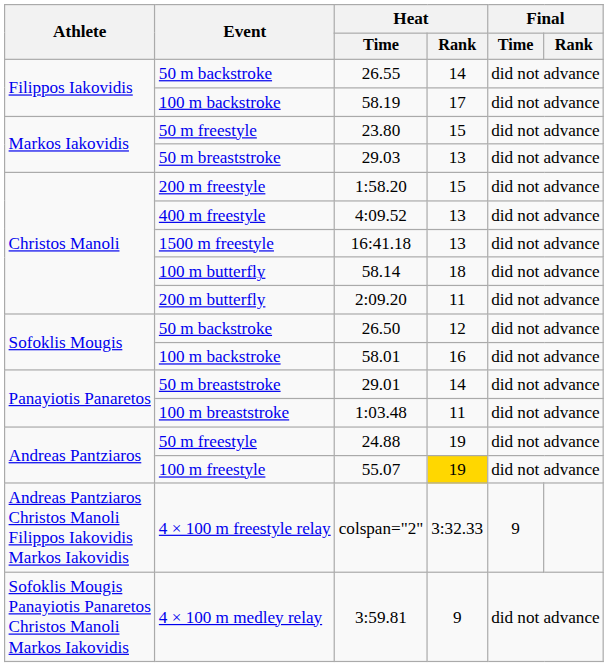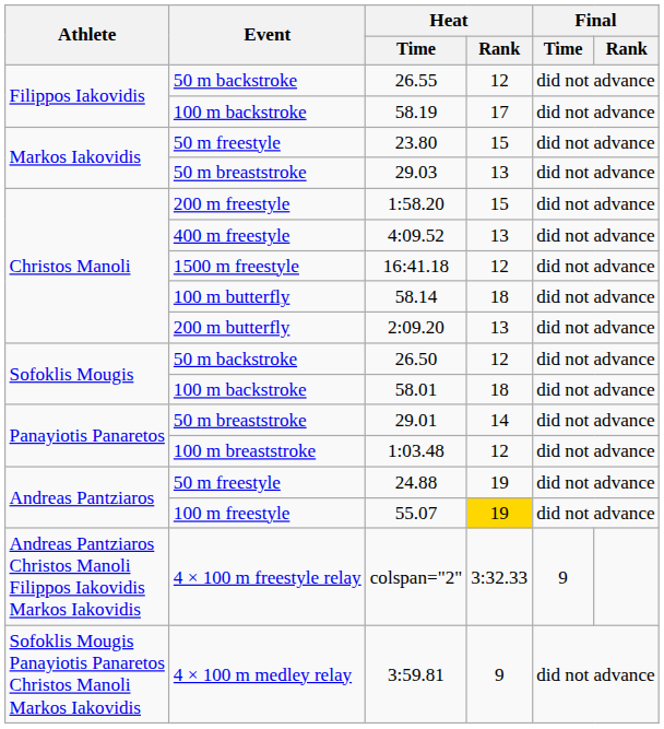 <table class=wikitable style="font-size:90%">
 <tr>
 <th rowspan="2">Athlete</th>
 <th rowspan="2">Event</th>
 <th colspan="2">Heat</th>
 <th colspan="2">Final</th>
 </tr>
 <tr style="font-size:95%">
 <th>Time</th>
 <th>Rank</th>
 <th>Time</th>
 <th>Rank</th>
 </tr>
 <tr align=center>
 <td align=left rowspan="2"><a href='#'>Filippos Iakovidis</a></td>
 <td align=left><a href='#'>50 m backstroke</a></td>
 <td>26.55</td>
-<td>14</td>
+<td>12</td>
 <td colspan="2">did not advance</td>
 </tr>
 <tr align=center>
 <td align=left><a href='#'>100 m backstroke</a></td>
 <td>58.19</td>
 <td>17</td>
 <td colspan="2">did not advance</td>
 </tr>
 <tr align=center>
 <td align=left rowspan="2"><a href='#'>Markos Iakovidis</a></td>
 <td align=left><a href='#'>50 m freestyle</a></td>
 <td>23.80</td>
 <td>15</td>
 <td colspan="2">did not advance</td>
 </tr>
 <tr align=center>
 <td align=left><a href='#'>50 m breaststroke</a></td>
 <td>29.03</td>
 <td>13</td>
 <td colspan="2">did not advance</td>
 </tr>
 <tr align=center>
 <td align=left rowspan="5"><a href='#'>Christos Manoli</a></td>
 <td align=left><a href='#'>200 m freestyle</a></td>
 <td>1:58.20</td>
 <td>15</td>
 <td colspan="2">did not advance</td>
 </tr>
 <tr align=center>
 <td align=left><a href='#'>400 m freestyle</a></td>
 <td>4:09.52</td>
 <td>13</td>
 <td colspan="2">did not advance</td>
 </tr>
 <tr align=center>
 <td align=left><a href='#'>1500 m freestyle</a></td>
 <td>16:41.18</td>
-<td>13</td>
+<td>12</td>
 <td colspan="2">did not advance</td>
 </tr>
 <tr align=center>
 <td align=left><a href='#'>100 m butterfly</a></td>
 <td>58.14</td>
 <td>18</td>
 <td colspan="2">did not advance</td>
 </tr>
 <tr align=center>
 <td align=left><a href='#'>200 m butterfly</a></td>
 <td>2:09.20</td>
-<td>11</td>
+<td>13</td>
 <td colspan="2">did not advance</td>
 </tr>
 <tr align=center>
 <td align=left rowspan="2"><a href='#'>Sofoklis Mougis</a></td>
 <td align=left><a href='#'>50 m backstroke</a></td>
 <td>26.50</td>
 <td>12</td>
 <td colspan="2">did not advance</td>
 </tr>
 <tr align=center>
 <td align=left><a href='#'>100 m backstroke</a></td>
 <td>58.01</td>
-<td>16</td>
+<td>18</td>
 <td colspan="2">did not advance</td>
 </tr>
 <tr align=center>
 <td align=left rowspan="2"><a href='#'>Panayiotis Panaretos</a></td>
 <td align=left><a href='#'>50 m breaststroke</a></td>
 <td>29.01</td>
 <td>14</td>
 <td colspan="2">did not advance</td>
 </tr>
 <tr align=center>
 <td align=left><a href='#'>100 m breaststroke</a></td>
 <td>1:03.48</td>
-<td>11</td>
+<td>12</td>
 <td colspan="2">did not advance</td>
 </tr>
 <tr align=center>
 <td align=left rowspan="2"><a href='#'>Andreas Pantziaros</a></td>
 <td align=left><a href='#'>50 m freestyle</a></td>
 <td>24.88</td>
 <td>19</td>
 <td colspan="2">did not advance</td>
 </tr>
 <tr align=center>
 <td align=left><a href='#'>100 m freestyle</a></td>
 <td>55.07</td>
 <td style="background: gold;">19</td>
 <td colspan="2">did not advance</td>
 </tr>
 <tr align=center>
 <td align=left><a href='#'>Andreas Pantziaros</a><br><a href='#'>Christos Manoli</a><br><a href='#'>Filippos Iakovidis</a><br><a href='#'>Markos Iakovidis</a></td>
 <td align=left><a href='#'>4 × 100 m freestyle relay</a></td>
 <td>colspan="2" </td>
 <td>3:32.33</td>
 <td>9</td>
 </tr>
 <tr align=center>
 <td align=left><a href='#'>Sofoklis Mougis</a><br><a href='#'>Panayiotis Panaretos</a><br><a href='#'>Christos Manoli</a><br><a href='#'>Markos Iakovidis</a></td>
 <td align=left><a href='#'>4 × 100 m medley relay</a></td>
 <td>3:59.81</td>
 <td>9</td>
 <td colspan="2">did not advance</td>
 </tr>
 </table>
